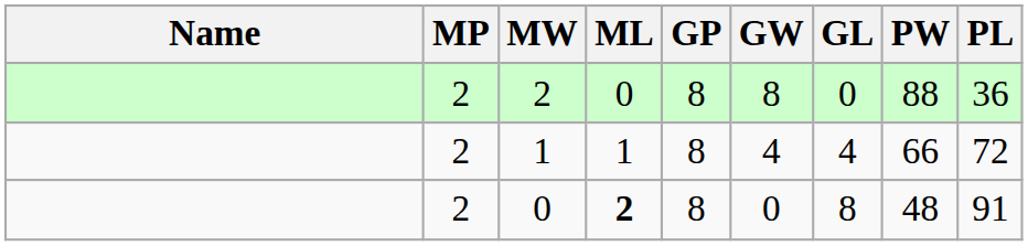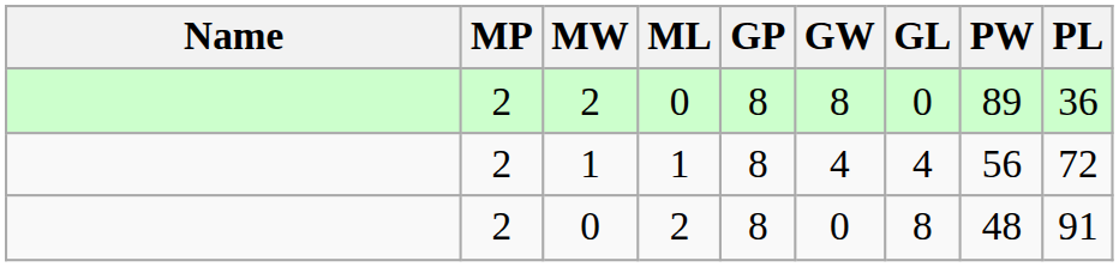 <table class=wikitable style="text-align:center">
 <tr>
 <th width=175>Name</th>
 <th width=20>MP</th>
 <th width=20>MW</th>
 <th width=20>ML</th>
 <th width=20>GP</th>
 <th width=20>GW</th>
 <th width=20>GL</th>
 <th width=20>PW</th>
 <th width=20>PL</th>
 </tr>
 <tr style="background-color:#ccffcc;">
 <td style="text-align:left;"><strong></strong></td>
 <td>2</td>
 <td>2</td>
 <td>0</td>
 <td>8</td>
 <td>8</td>
 <td>0</td>
-<td>88</td>
+<td>89</td>
 <td>36</td>
 </tr>
 <tr>
 <td style="text-align:left;"></td>
 <td>2</td>
 <td>1</td>
 <td>1</td>
 <td>8</td>
 <td>4</td>
 <td>4</td>
-<td>66</td>
+<td>56</td>
 <td>72</td>
 </tr>
 <tr>
 <td style="text-align:left;"></td>
 <td>2</td>
 <td>0</td>
-<td><strong>2</strong></td>
+<td>2</td>
 <td>8</td>
 <td>0</td>
 <td>8</td>
 <td>48</td>
 <td>91</td>
 </tr>
 </table>
